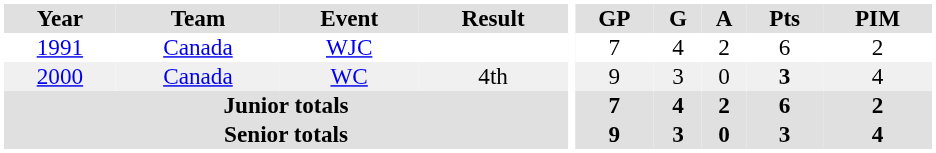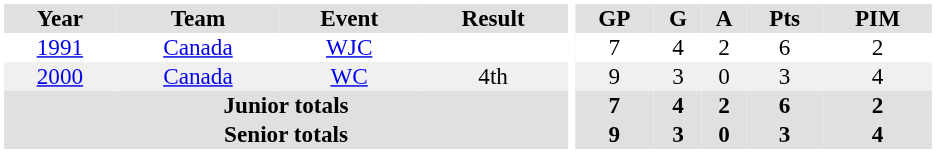 <table border="0" cellpadding="1" cellspacing="0" ID="Table3" style="text-align:center; width:40em">
 <tr ALIGN="center" bgcolor="#e0e0e0">
 <th>Year</th>
 <th>Team</th>
 <th>Event</th>
 <th>Result</th>
 <th rowspan="99" bgcolor="#ffffff"></th>
 <th>GP</th>
 <th>G</th>
 <th>A</th>
 <th>Pts</th>
 <th>PIM</th>
 </tr>
 <tr>
 <td><a href='#'>1991</a></td>
 <td><a href='#'>Canada</a></td>
 <td><a href='#'>WJC</a></td>
 <td></td>
 <td>7</td>
 <td>4</td>
 <td>2</td>
 <td>6</td>
 <td>2</td>
 </tr>
 <tr bgcolor="#f0f0f0">
 <td><a href='#'>2000</a></td>
 <td><a href='#'>Canada</a></td>
 <td><a href='#'>WC</a></td>
 <td>4th</td>
 <td>9</td>
 <td>3</td>
 <td>0</td>
-<td><strong>3</strong></td>
+<td>3</td>
 <td>4</td>
 </tr>
 <tr bgcolor="#e0e0e0">
 <th colspan="4">Junior totals</th>
 <th>7</th>
 <th>4</th>
 <th>2</th>
 <th>6</th>
 <th>2</th>
 </tr>
 <tr bgcolor="#e0e0e0">
 <th colspan="4">Senior totals</th>
 <th>9</th>
 <th>3</th>
 <th>0</th>
 <th>3</th>
 <th>4</th>
 </tr>
 </table>
